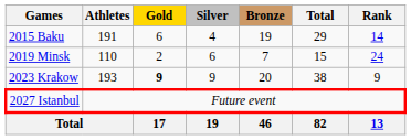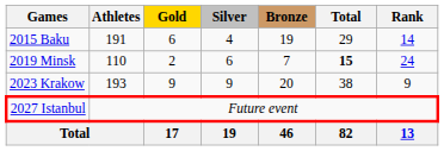 <table class="wikitable" style="text-align:center; font-size:90%;">
 <tr>
 <th>Games</th>
 <th>Athletes</th>
 <td style="background:gold; width:3.7em; font-weight:bold;">Gold</td>
 <td style="background:silver; width:3.7em; font-weight:bold;">Silver</td>
 <td style="background:#cc9966; width:3.7em; font-weight:bold;">Bronze</td>
 <th style="width:4em; font-weight:bold;">Total</th>
 <th style="width:4em; font-weight:bold;">Rank</th>
 </tr>
 <tr>
 <td align=left> <a href='#'>2015 Baku</a></td>
 <td>191</td>
 <td>6</td>
 <td>4</td>
 <td>19</td>
 <td>29</td>
 <td><a href='#'>14</a></td>
 </tr>
 <tr>
 <td align=left> <a href='#'>2019 Minsk</a></td>
 <td>110</td>
 <td>2</td>
 <td>6</td>
 <td>7</td>
-<td>15</td>
+<td><strong>15</strong></td>
 <td><a href='#'>24</a></td>
 </tr>
 <tr>
 <td align=left> <a href='#'>2023 Krakow</a></td>
 <td>193</td>
-<td><strong>9</strong></td>
+<td>9</td>
 <td>9</td>
 <td>20</td>
 <td>38</td>
 <td>9</td>
 </tr>
 <tr style="border: 3px solid red">
 <td align=left> <a href='#'>2027 Istanbul</a></td>
 <td colspan=6><em>Future event</em></td>
 </tr>
 <tr>
 <th colspan=2>Total</th>
 <th>17</th>
 <th>19</th>
 <th>46</th>
 <th>82</th>
 <th><a href='#'>13</a></th>
 </tr>
 </table>
